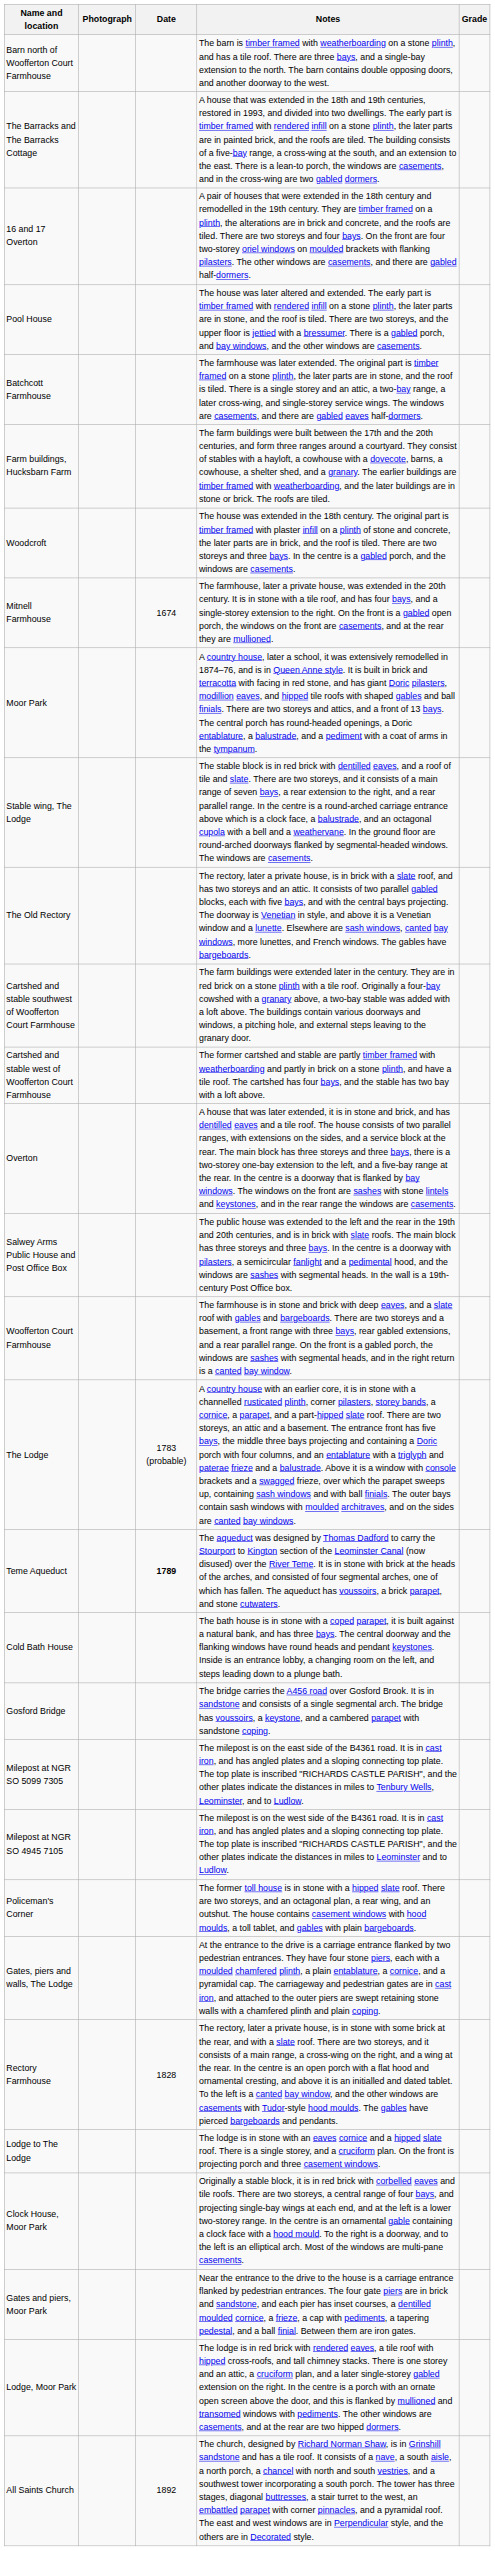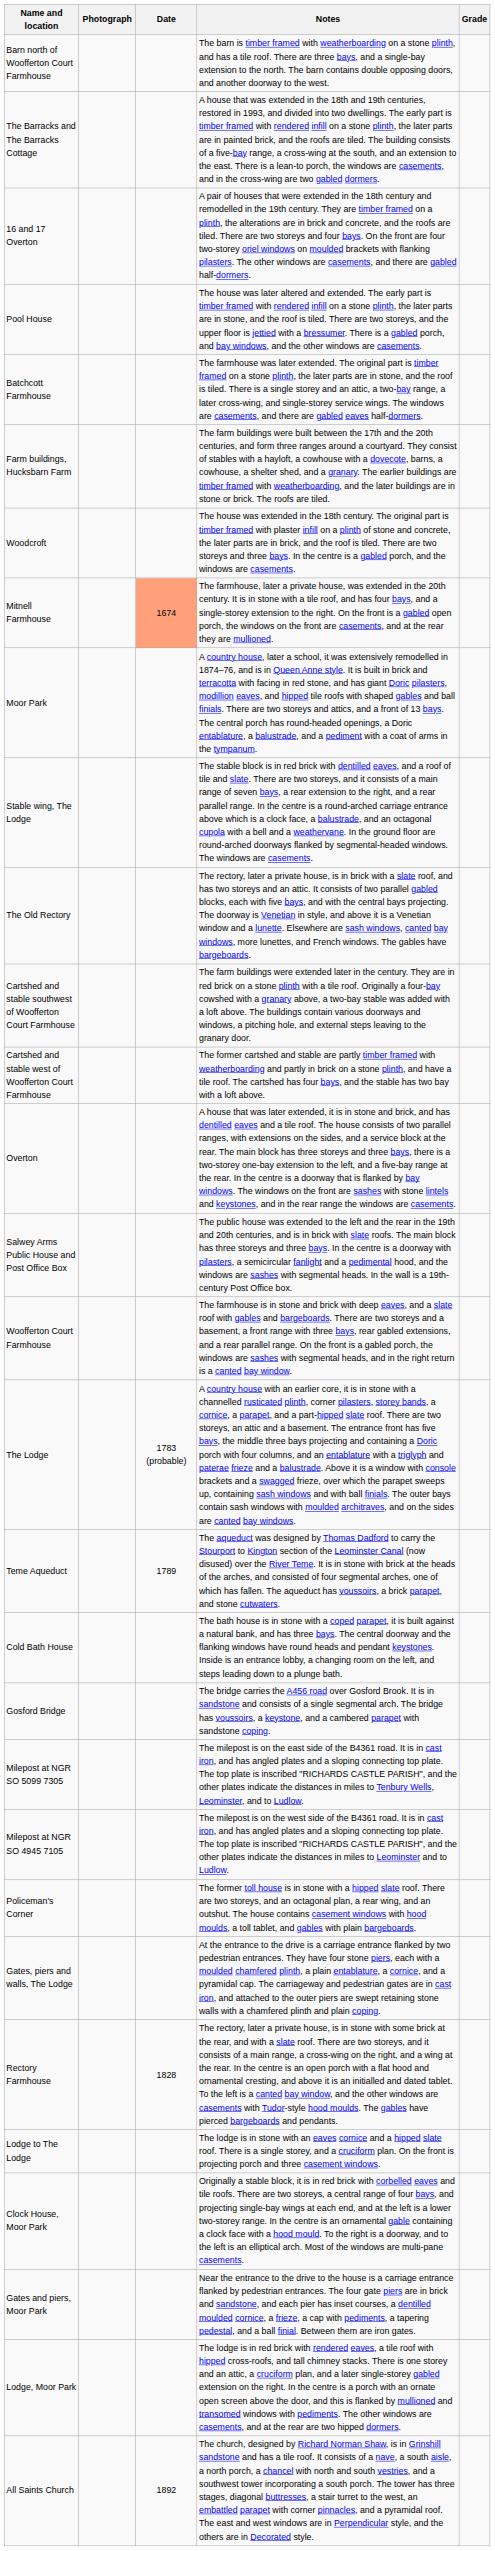 <table class="wikitable sortable plainrowheaders" style="width:100%; border:0; text-align:left; line-height:150%;">
 <tr>
 <th scope="col"  style="width:150px">Name and location</th>
 <th scope="col"  style="width:100px" class="unsortable">Photograph</th>
 <th scope="col"  style="width:120px">Date</th>
 <th scope="col"  style="width:650px" class="unsortable">Notes</th>
 <th scope="col"  style="width:50px">Grade</th>
 </tr>
 <tr>
 <td>Barn north of Woofferton Court Farmhouse<br><small></small></td>
 <td></td>
 <td align="center"></td>
 <td>The barn is <a href='#'>timber framed</a> with <a href='#'>weatherboarding</a> on a stone <a href='#'>plinth</a>, and has a tile roof. There are three <a href='#'>bays</a>, and a single-bay extension to the north. The barn contains double opposing doors, and another doorway to the west.</td>
 <td align="center" ></td>
 </tr>
 <tr>
 <td>The Barracks and The Barracks Cottage<br><small></small></td>
 <td></td>
 <td align="center"></td>
 <td>A house that was extended in the 18th and 19th centuries, restored in 1993, and divided into two dwellings. The early part is <a href='#'>timber framed</a> with <a href='#'>rendered</a> <a href='#'>infill</a> on a stone <a href='#'>plinth</a>, the later parts are in painted brick, and the roofs are tiled. The building consists of a five-<a href='#'>bay</a> range, a cross-wing at the south, and an extension to the east. There is a lean-to porch, the windows are <a href='#'>casements</a>, and in the cross-wing are two <a href='#'>gabled</a> <a href='#'>dormers</a>.</td>
 <td align="center" ></td>
 </tr>
 <tr>
 <td>16 and 17 Overton<br><small></small></td>
 <td></td>
 <td align="center"></td>
 <td>A pair of houses that were extended in the 18th century and remodelled in the 19th century. They are <a href='#'>timber framed</a> on a <a href='#'>plinth</a>, the alterations are in brick and concrete, and the roofs are tiled. There are two storeys and four <a href='#'>bays</a>.  On the front are four two-storey <a href='#'>oriel windows</a> on <a href='#'>moulded</a> brackets with flanking <a href='#'>pilasters</a>. The other windows are <a href='#'>casements</a>, and there are <a href='#'>gabled</a> half-<a href='#'>dormers</a>.</td>
 <td align="center" ></td>
 </tr>
 <tr>
 <td>Pool House<br><small></small></td>
 <td></td>
 <td align="center"></td>
 <td>The house was later altered and extended. The early part is <a href='#'>timber framed</a> with <a href='#'>rendered</a> <a href='#'>infill</a> on a stone <a href='#'>plinth</a>, the later parts are in stone, and the roof is tiled. There are two storeys, and the upper floor is <a href='#'>jettied</a> with a <a href='#'>bressumer</a>.  There is a <a href='#'>gabled</a> porch, and <a href='#'>bay windows</a>, and the other windows are <a href='#'>casements</a>.</td>
 <td align="center" ></td>
 </tr>
 <tr>
 <td>Batchcott Farmhouse<br><small></small></td>
 <td></td>
 <td align="center"></td>
 <td>The farmhouse was later extended. The original part is <a href='#'>timber framed</a> on a stone <a href='#'>plinth</a>, the later parts are in stone, and the roof is tiled. There is a single storey and an attic, a two-<a href='#'>bay</a> range, a later cross-wing, and single-storey service wings. The windows are <a href='#'>casements</a>, and there are <a href='#'>gabled</a> <a href='#'>eaves</a> half-<a href='#'>dormers</a>.</td>
 <td align="center" ></td>
 </tr>
 <tr>
 <td>Farm buildings, Hucksbarn Farm<br><small></small></td>
 <td></td>
 <td align="center"></td>
 <td>The farm buildings were built between the 17th and the 20th centuries, and form three ranges around a courtyard. They consist of stables with a hayloft, a cowhouse with a <a href='#'>dovecote</a>, barns, a cowhouse, a shelter shed, and a <a href='#'>granary</a>.  The earlier buildings are <a href='#'>timber framed</a> with <a href='#'>weatherboarding</a>, and the later buildings are in stone or brick. The roofs are tiled.</td>
 <td align="center" ></td>
 </tr>
 <tr>
 <td>Woodcroft<br><small></small></td>
 <td></td>
 <td align="center"></td>
 <td>The house was extended in the 18th century. The original part is <a href='#'>timber framed</a> with plaster <a href='#'>infill</a> on a <a href='#'>plinth</a> of stone and concrete, the later parts are in brick, and the roof is tiled. There are two storeys and three <a href='#'>bays</a>.  In the centre is a <a href='#'>gabled</a> porch, and the windows are <a href='#'>casements</a>.</td>
 <td align="center" ></td>
 </tr>
 <tr>
 <td>Mitnell Farmhouse<br><small></small></td>
 <td></td>
-<td align="center">1674</td>
+<td align="center" style="background: lightsalmon;">1674</td>
 <td>The farmhouse, later a private house, was extended in the 20th century. It is in stone with a tile roof, and has four <a href='#'>bays</a>, and a single-storey extension to the right. On the front is a <a href='#'>gabled</a> open porch, the windows on the front are <a href='#'>casements</a>, and at the rear they are <a href='#'>mullioned</a>.</td>
 <td align="center" ></td>
 </tr>
 <tr>
 <td>Moor Park<br><small></small></td>
 <td></td>
 <td align="center"></td>
 <td>A <a href='#'>country house</a>, later a school, it was extensively remodelled in 1874–76, and is in <a href='#'>Queen Anne style</a>.  It is built in brick and <a href='#'>terracotta</a> with facing in red stone, and has giant <a href='#'>Doric</a> <a href='#'>pilasters</a>, <a href='#'>modillion</a> <a href='#'>eaves</a>, and <a href='#'>hipped</a> tile roofs with shaped <a href='#'>gables</a> and ball <a href='#'>finials</a>. There are two storeys and attics, and a front of 13 <a href='#'>bays</a>.  The central porch has round-headed openings, a Doric <a href='#'>entablature</a>, a <a href='#'>balustrade</a>, and a <a href='#'>pediment</a> with a coat of arms in the <a href='#'>tympanum</a>.</td>
 <td align="center" ></td>
 </tr>
 <tr>
 <td>Stable wing, The Lodge<br><small></small></td>
 <td></td>
 <td align="center"></td>
 <td>The stable block is in red brick with <a href='#'>dentilled</a> <a href='#'>eaves</a>, and a roof of tile and <a href='#'>slate</a>.  There are two storeys, and it consists of a main range of seven <a href='#'>bays</a>, a rear extension to the right, and a rear parallel range. In the centre is a round-arched carriage entrance above which is a clock face, a <a href='#'>balustrade</a>, and an octagonal <a href='#'>cupola</a> with a bell and a <a href='#'>weathervane</a>.  In the ground floor are round-arched doorways flanked by segmental-headed windows. The windows are <a href='#'>casements</a>.</td>
 <td align="center" ></td>
 </tr>
 <tr>
 <td>The Old Rectory<br><small></small></td>
 <td></td>
 <td align="center"></td>
 <td>The rectory, later a private house, is in brick with a <a href='#'>slate</a> roof, and has two storeys and an attic. It consists of two parallel <a href='#'>gabled</a> blocks, each with five <a href='#'>bays</a>, and with the central bays projecting. The doorway is <a href='#'>Venetian</a> in style, and above it is a Venetian window and a <a href='#'>lunette</a>.  Elsewhere are <a href='#'>sash windows</a>, <a href='#'>canted</a> <a href='#'>bay windows</a>, more lunettes, and French windows. The gables have <a href='#'>bargeboards</a>.</td>
 <td align="center" ></td>
 </tr>
 <tr>
 <td>Cartshed and stable southwest of Woofferton Court Farmhouse<br><small></small></td>
 <td></td>
 <td align="center"></td>
 <td>The farm buildings were extended later in the century. They are in red brick on a stone <a href='#'>plinth</a> with a tile roof. Originally a four-<a href='#'>bay</a> cowshed with a <a href='#'>granary</a> above, a two-bay stable was added with a loft above. The buildings contain various doorways and windows, a pitching hole, and external steps leaving to the granary door.</td>
 <td align="center" ></td>
 </tr>
 <tr>
 <td>Cartshed and stable west of Woofferton Court Farmhouse<br><small></small></td>
 <td></td>
 <td align="center"></td>
 <td>The former cartshed and stable are partly <a href='#'>timber framed</a> with <a href='#'>weatherboarding</a> and partly in brick on a stone <a href='#'>plinth</a>, and have a tile roof. The cartshed has four <a href='#'>bays</a>, and the stable has two bay with a loft above.</td>
 <td align="center" ></td>
 </tr>
 <tr>
 <td>Overton<br><small></small></td>
 <td></td>
 <td align="center"></td>
 <td>A house that was later extended, it is in stone and brick, and has <a href='#'>dentilled</a> <a href='#'>eaves</a> and a tile roof. The house consists of two parallel ranges, with extensions on the sides, and a service block at the rear. The main block has three storeys and three <a href='#'>bays</a>, there is a two-storey one-bay extension to the left, and a five-bay range at the rear. In the centre is a doorway that is flanked by <a href='#'>bay windows</a>. The windows on the front are <a href='#'>sashes</a> with stone <a href='#'>lintels</a> and <a href='#'>keystones</a>, and in the rear range the windows are <a href='#'>casements</a>.</td>
 <td align="center" ></td>
 </tr>
 <tr>
 <td>Salwey Arms Public House and Post Office Box<br><small></small></td>
 <td></td>
 <td align="center"></td>
 <td>The public house was extended to the left and the rear in the 19th and 20th centuries, and is in brick with <a href='#'>slate</a> roofs. The main block has three storeys and three <a href='#'>bays</a>.  In the centre is a doorway with <a href='#'>pilasters</a>, a semicircular <a href='#'>fanlight</a> and a <a href='#'>pedimental</a> hood, and the windows are <a href='#'>sashes</a> with segmental heads. In the wall is a 19th-century Post Office box.</td>
 <td align="center" ></td>
 </tr>
 <tr>
 <td>Woofferton Court Farmhouse<br><small></small></td>
 <td></td>
 <td align="center"></td>
 <td>The farmhouse is in stone and brick with deep <a href='#'>eaves</a>, and a <a href='#'>slate</a> roof with <a href='#'>gables</a> and <a href='#'>bargeboards</a>. There are two storeys and a basement, a front range with three <a href='#'>bays</a>, rear gabled extensions, and a rear parallel range. On the front is a gabled porch, the windows are <a href='#'>sashes</a> with segmental heads, and in the right return is a <a href='#'>canted</a> <a href='#'>bay window</a>.</td>
 <td align="center" ></td>
 </tr>
 <tr>
 <td>The Lodge<br><small></small></td>
 <td></td>
 <td align="center">1783 (probable)</td>
 <td>A <a href='#'>country house</a> with an earlier core, it is in stone with a channelled <a href='#'>rusticated</a> <a href='#'>plinth</a>, corner <a href='#'>pilasters</a>, <a href='#'>storey bands</a>, a <a href='#'>cornice</a>, a <a href='#'>parapet</a>, and a part-<a href='#'>hipped</a> <a href='#'>slate</a> roof. There are two storeys, an attic and a basement. The entrance front has five <a href='#'>bays</a>, the middle three bays projecting and containing a <a href='#'>Doric</a> porch with four columns, and an <a href='#'>entablature</a> with a <a href='#'>triglyph</a> and <a href='#'>paterae</a> <a href='#'>frieze</a> and a <a href='#'>balustrade</a>.  Above it is a window with <a href='#'>console</a> brackets and a <a href='#'>swagged</a> frieze, over which the parapet sweeps up, containing <a href='#'>sash windows</a> and with ball <a href='#'>finials</a>. The outer bays contain sash windows with <a href='#'>moulded</a> <a href='#'>architraves</a>, and on the sides are <a href='#'>canted</a> <a href='#'>bay windows</a>.</td>
 <td align="center" ></td>
 </tr>
 <tr>
 <td>Teme Aqueduct<br><small></small></td>
 <td></td>
-<td align="center"><strong>1789</strong></td>
+<td align="center">1789</td>
 <td>The <a href='#'>aqueduct</a> was designed by <a href='#'>Thomas Dadford</a> to carry the <a href='#'>Stourport</a> to <a href='#'>Kington</a> section of the <a href='#'>Leominster Canal</a> (now disused) over the <a href='#'>River Teme</a>.  It is in stone with brick at the heads of the arches, and consisted of four segmental arches, one of which has fallen. The aqueduct has <a href='#'>voussoirs</a>, a brick <a href='#'>parapet</a>, and stone <a href='#'>cutwaters</a>.</td>
 <td align="center" ></td>
 </tr>
 <tr>
 <td>Cold Bath House<br><small></small></td>
 <td></td>
 <td align="center"></td>
 <td>The bath house is in stone with a <a href='#'>coped</a> <a href='#'>parapet</a>, it is built against a natural bank, and has three <a href='#'>bays</a>.  The central doorway and the flanking windows have round heads and pendant <a href='#'>keystones</a>.  Inside is an entrance lobby, a changing room on the left, and steps leading down to a plunge bath.</td>
 <td align="center" ></td>
 </tr>
 <tr>
 <td>Gosford Bridge<br><small></small></td>
 <td></td>
 <td align="center"></td>
 <td>The bridge carries the <a href='#'>A456 road</a> over Gosford Brook. It is in <a href='#'>sandstone</a> and consists of a single segmental arch. The bridge has <a href='#'>voussoirs</a>, a <a href='#'>keystone</a>, and a cambered <a href='#'>parapet</a> with sandstone <a href='#'>coping</a>.</td>
 <td align="center" ></td>
 </tr>
 <tr>
 <td>Milepost at NGR SO 5099 7305<br><small></small></td>
 <td></td>
 <td align="center"></td>
 <td>The milepost is on the east side of the B4361 road. It is in <a href='#'>cast iron</a>, and has angled plates and a sloping connecting top plate. The top plate is inscribed "RICHARDS CASTLE PARISH", and the other plates indicate the distances in miles to <a href='#'>Tenbury Wells</a>, <a href='#'>Leominster</a>, and to <a href='#'>Ludlow</a>.</td>
 <td align="center" ></td>
 </tr>
 <tr>
 <td>Milepost at NGR SO 4945 7105<br><small></small></td>
 <td></td>
 <td align="center"></td>
 <td>The milepost is on the west side of the B4361 road. It is in <a href='#'>cast iron</a>, and has angled plates and a sloping connecting top plate. The top plate is inscribed "RICHARDS CASTLE PARISH", and the other plates indicate the distances in miles to <a href='#'>Leominster</a> and to <a href='#'>Ludlow</a>.</td>
 <td align="center" ></td>
 </tr>
 <tr>
 <td>Policeman's Corner<br><small></small></td>
 <td></td>
 <td align="center"></td>
 <td>The former <a href='#'>toll house</a> is in stone with a <a href='#'>hipped</a> <a href='#'>slate</a> roof. There are two storeys, and an octagonal plan, a rear wing, and an outshut. The house contains <a href='#'>casement windows</a> with <a href='#'>hood moulds</a>, a toll tablet, and <a href='#'>gables</a> with plain <a href='#'>bargeboards</a>.</td>
 <td align="center" ></td>
 </tr>
 <tr>
 <td>Gates, piers and walls, The Lodge<br><small></small></td>
 <td></td>
 <td align="center"></td>
 <td>At the entrance to the drive is a carriage entrance flanked by two pedestrian entrances. They have four stone <a href='#'>piers</a>, each with a <a href='#'>moulded</a> <a href='#'>chamfered</a> <a href='#'>plinth</a>, a plain <a href='#'>entablature</a>, a <a href='#'>cornice</a>, and a pyramidal cap. The carriageway and pedestrian gates are in <a href='#'>cast iron</a>, and attached to the outer piers are swept retaining stone walls with a chamfered plinth and plain <a href='#'>coping</a>.</td>
 <td align="center" ></td>
 </tr>
 <tr>
 <td>Rectory Farmhouse<br><small></small></td>
 <td></td>
 <td align="center">1828</td>
 <td>The rectory, later a private house, is in stone with some brick at the rear, and with a <a href='#'>slate</a> roof. There are two storeys, and it consists of a main range, a cross-wing on the right, and a wing at the rear. In the centre is an open porch with a flat hood and ornamental cresting, and above it is an initialled and dated tablet. To the left is a <a href='#'>canted</a> <a href='#'>bay window</a>, and the other windows are <a href='#'>casements</a> with <a href='#'>Tudor</a>-style <a href='#'>hood moulds</a>. The <a href='#'>gables</a> have pierced <a href='#'>bargeboards</a> and pendants.</td>
 <td align="center" ></td>
 </tr>
 <tr>
 <td>Lodge to The Lodge<br><small></small></td>
 <td></td>
 <td align="center"></td>
 <td>The lodge is in stone with an <a href='#'>eaves</a> <a href='#'>cornice</a> and a <a href='#'>hipped</a> <a href='#'>slate</a> roof. There is a single storey, and a <a href='#'>cruciform</a> plan. On the front is projecting porch and three <a href='#'>casement windows</a>.</td>
 <td align="center" ></td>
 </tr>
 <tr>
 <td>Clock House, Moor Park<br><small></small></td>
 <td></td>
 <td align="center"></td>
 <td>Originally a stable block, it is in red brick with <a href='#'>corbelled</a> <a href='#'>eaves</a> and tile roofs. There are two storeys, a central range of four <a href='#'>bays</a>, and projecting single-bay wings at each end, and at the left is a lower two-storey range. In the centre is an ornamental <a href='#'>gable</a> containing a clock face with a <a href='#'>hood mould</a>.  To the right is a doorway, and to the left is an elliptical arch. Most of the windows are multi-pane <a href='#'>casements</a>.</td>
 <td align="center" ></td>
 </tr>
 <tr>
 <td>Gates and piers, Moor Park<br><small></small></td>
 <td></td>
 <td align="center"></td>
 <td>Near the entrance to the drive to the house is a carriage entrance flanked by pedestrian entrances. The four gate <a href='#'>piers</a> are in brick and <a href='#'>sandstone</a>, and each pier has inset courses, a <a href='#'>dentilled</a> <a href='#'>moulded</a> <a href='#'>cornice</a>, a <a href='#'>frieze</a>, a cap with <a href='#'>pediments</a>, a tapering <a href='#'>pedestal</a>, and a ball <a href='#'>finial</a>.  Between them are iron gates.</td>
 <td align="center" ></td>
 </tr>
 <tr>
 <td>Lodge, Moor Park<br><small></small></td>
 <td></td>
 <td align="center"></td>
 <td>The lodge is in red brick with <a href='#'>rendered</a> <a href='#'>eaves</a>, a tile roof with <a href='#'>hipped</a> cross-roofs, and tall chimney stacks. There is one storey and an attic, a <a href='#'>cruciform</a> plan, and a later single-storey <a href='#'>gabled</a> extension on the right. In the centre is a porch with an ornate open screen above the door, and this is flanked by <a href='#'>mullioned</a> and <a href='#'>transomed</a> windows with <a href='#'>pediments</a>. The other windows are <a href='#'>casements</a>, and at the rear are two hipped <a href='#'>dormers</a>.</td>
 <td align="center" ></td>
 </tr>
 <tr>
 <td>All Saints Church<br><small></small></td>
 <td></td>
 <td align="center">1892</td>
 <td>The church, designed by <a href='#'>Richard Norman Shaw</a>, is in <a href='#'>Grinshill</a> <a href='#'>sandstone</a> and has a tile roof. It consists of a <a href='#'>nave</a>, a south <a href='#'>aisle</a>, a north porch, a <a href='#'>chancel</a> with north and south <a href='#'>vestries</a>, and a southwest tower incorporating a south porch. The tower has three stages, diagonal <a href='#'>buttresses</a>, a stair turret to the west, an <a href='#'>embattled</a> <a href='#'>parapet</a> with corner <a href='#'>pinnacles</a>, and a pyramidal roof. The east and west windows are in <a href='#'>Perpendicular</a> style, and the others are in <a href='#'>Decorated</a> style.</td>
 <td align="center" ></td>
 </tr>
 <tr>
 </tr>
 </table>
